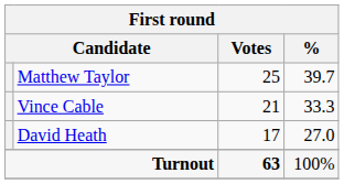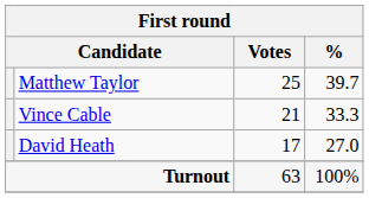 <table class="wikitable" style="font-size: 95%;">
 <tr>
 <th colspan="5">First round</th>
 </tr>
 <tr>
 <th colspan="2" style="width: 170px">Candidate</th>
 <th style="width: 50px">Votes</th>
 <th style="width: 40px">%</th>
 </tr>
 <tr>
 <th style="background-color: "></th>
 <td style="width: 170px"><a href='#'>Matthew Taylor</a></td>
 <td align="right">25</td>
 <td align="right">39.7</td>
 </tr>
 <tr>
 <th style="background-color: "></th>
 <td style="width: 170px"><a href='#'>Vince Cable</a></td>
 <td align="right">21</td>
 <td align="right">33.3</td>
 </tr>
 <tr>
 <th style="background-color: "></th>
 <td style="width: 170px"><a href='#'>David Heath</a></td>
 <td align="right">17</td>
 <td align="right">27.0</td>
 </tr>
 <tr>
 </tr>
 <tr style="background-color:#F6F6F6">
 <td colspan="2" align="right"><strong>Turnout</strong></td>
-<td align="right"><strong>63</strong></td>
+<td align="right">63</td>
 <td align="right">100%</td>
 </tr>
 <tr>
 </tr>
 </table>
